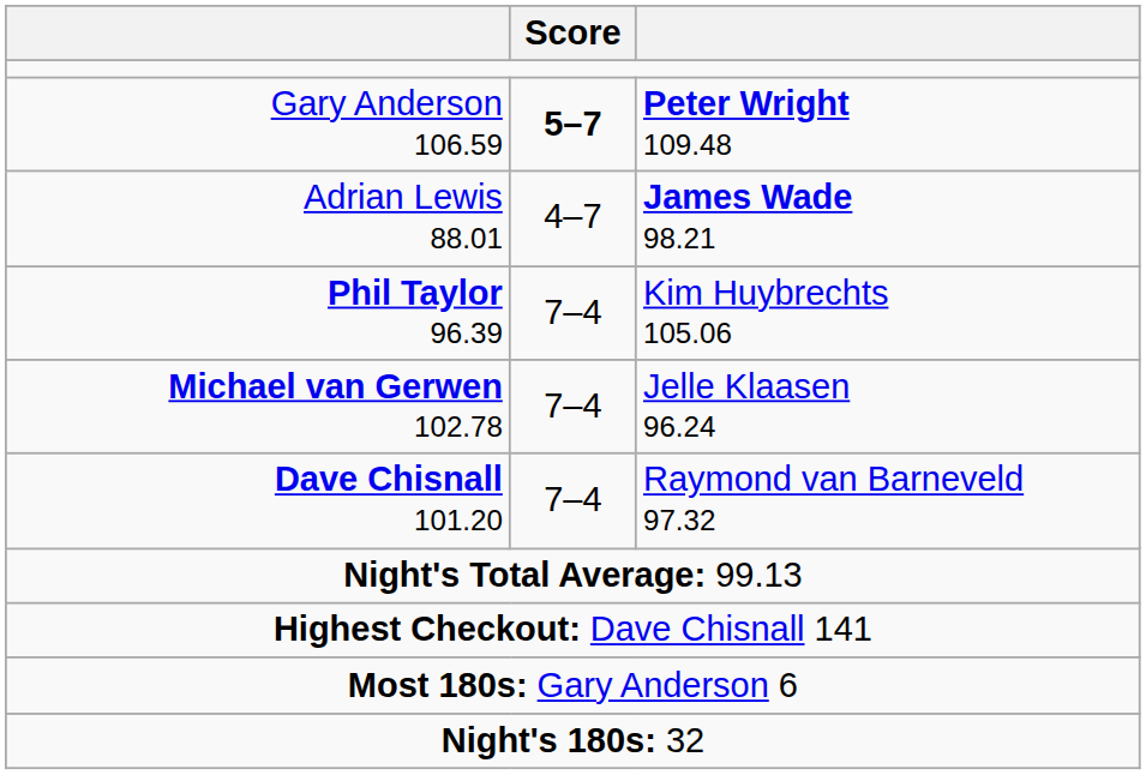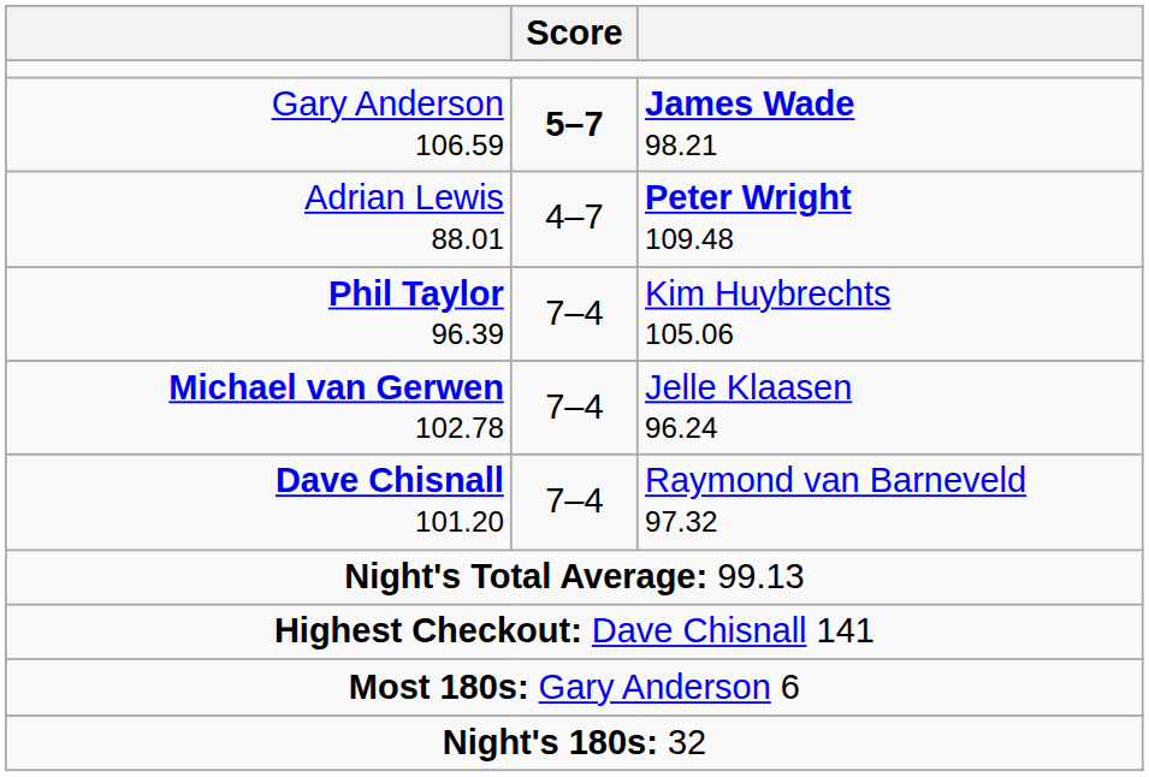 <table class=wikitable style="text-align:center">
 <tr>
 <th width=225></th>
 <th width=50>Score</th>
 <th width=225></th>
 </tr>
 <tr align=center>
 <td colspan="3"></td>
 </tr>
 <tr align=left>
 <td align=right><a href='#'>Gary Anderson</a>  <br><small><span>106.59</span></small></td>
 <td align=center><strong>5–7</strong></td>
-<td> <strong><a href='#'>Peter Wright</a></strong> <br><small><span>109.48</span></small></td>
+<td> <strong><a href='#'>James Wade</a></strong> <br><small><span>98.21</span></small></td>
 </tr>
 <tr align=left>
 <td align=right><a href='#'>Adrian Lewis</a>  <br><small><span>88.01</span></small></td>
 <td align=center>4–7</td>
-<td> <strong><a href='#'>James Wade</a></strong> <br><small><span>98.21</span></small></td>
+<td> <strong><a href='#'>Peter Wright</a></strong> <br><small><span>109.48</span></small></td>
 </tr>
 <tr align=left>
 <td align=right><strong><a href='#'>Phil Taylor</a></strong>  <br><small><span>96.39</span></small></td>
 <td align=center>7–4</td>
 <td> <a href='#'>Kim Huybrechts</a> <br><small><span>105.06</span></small></td>
 </tr>
 <tr align=left>
 <td align=right><strong><a href='#'>Michael van Gerwen</a></strong> <br><small><span>102.78</span></small></td>
 <td align=center>7–4</td>
 <td> <a href='#'>Jelle Klaasen</a> <br><small><span>96.24</span></small></td>
 </tr>
 <tr align=left>
 <td align=right><strong><a href='#'>Dave Chisnall</a></strong> <br><small><span>101.20</span></small></td>
 <td align=center>7–4</td>
 <td> <a href='#'>Raymond van Barneveld</a> <br><small><span>97.32</span></small></td>
 </tr>
 <tr align=center>
 <td colspan="3"><strong>Night's Total Average:</strong> 99.13 </td>
 </tr>
 <tr align=center>
 <td colspan="3"><strong>Highest Checkout:</strong>  <a href='#'>Dave Chisnall</a> 141</td>
 </tr>
 <tr align=center>
 <td colspan="3"><strong>Most 180s:</strong>  <a href='#'>Gary Anderson</a> 6</td>
 </tr>
 <tr align=center>
 <td colspan="3"><strong>Night's 180s:</strong> 32</td>
 </tr>
 </table>
